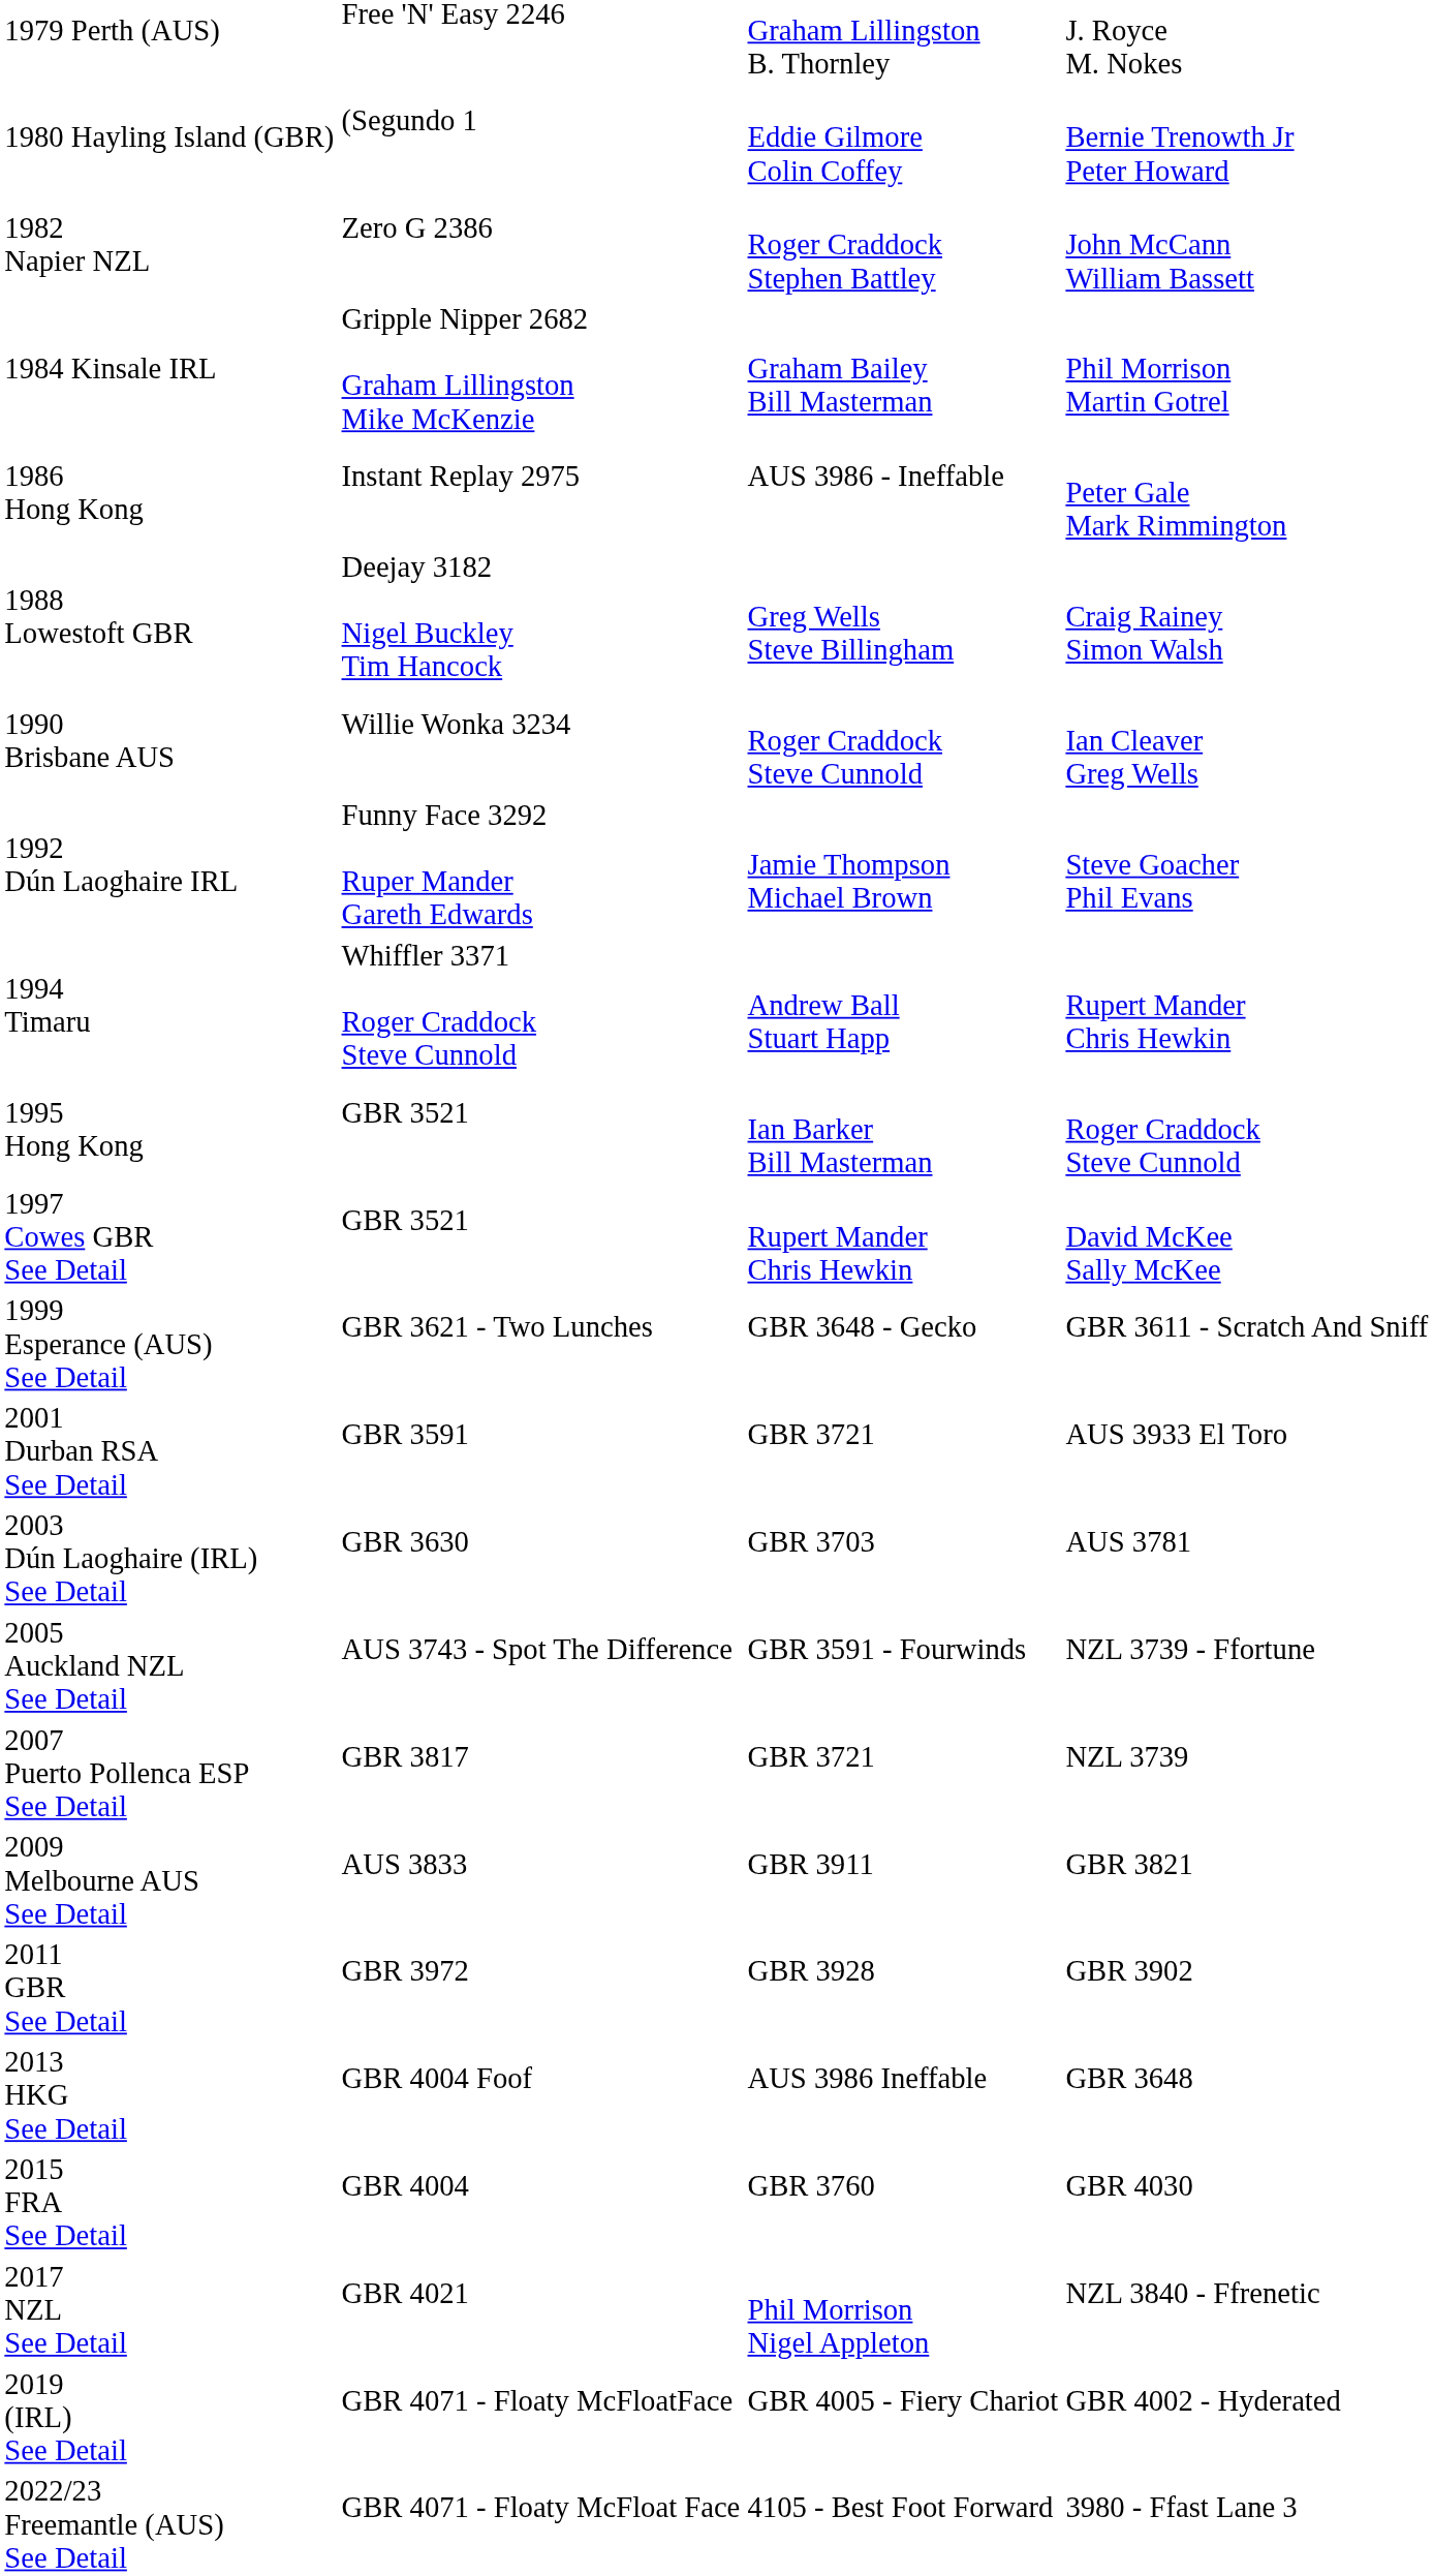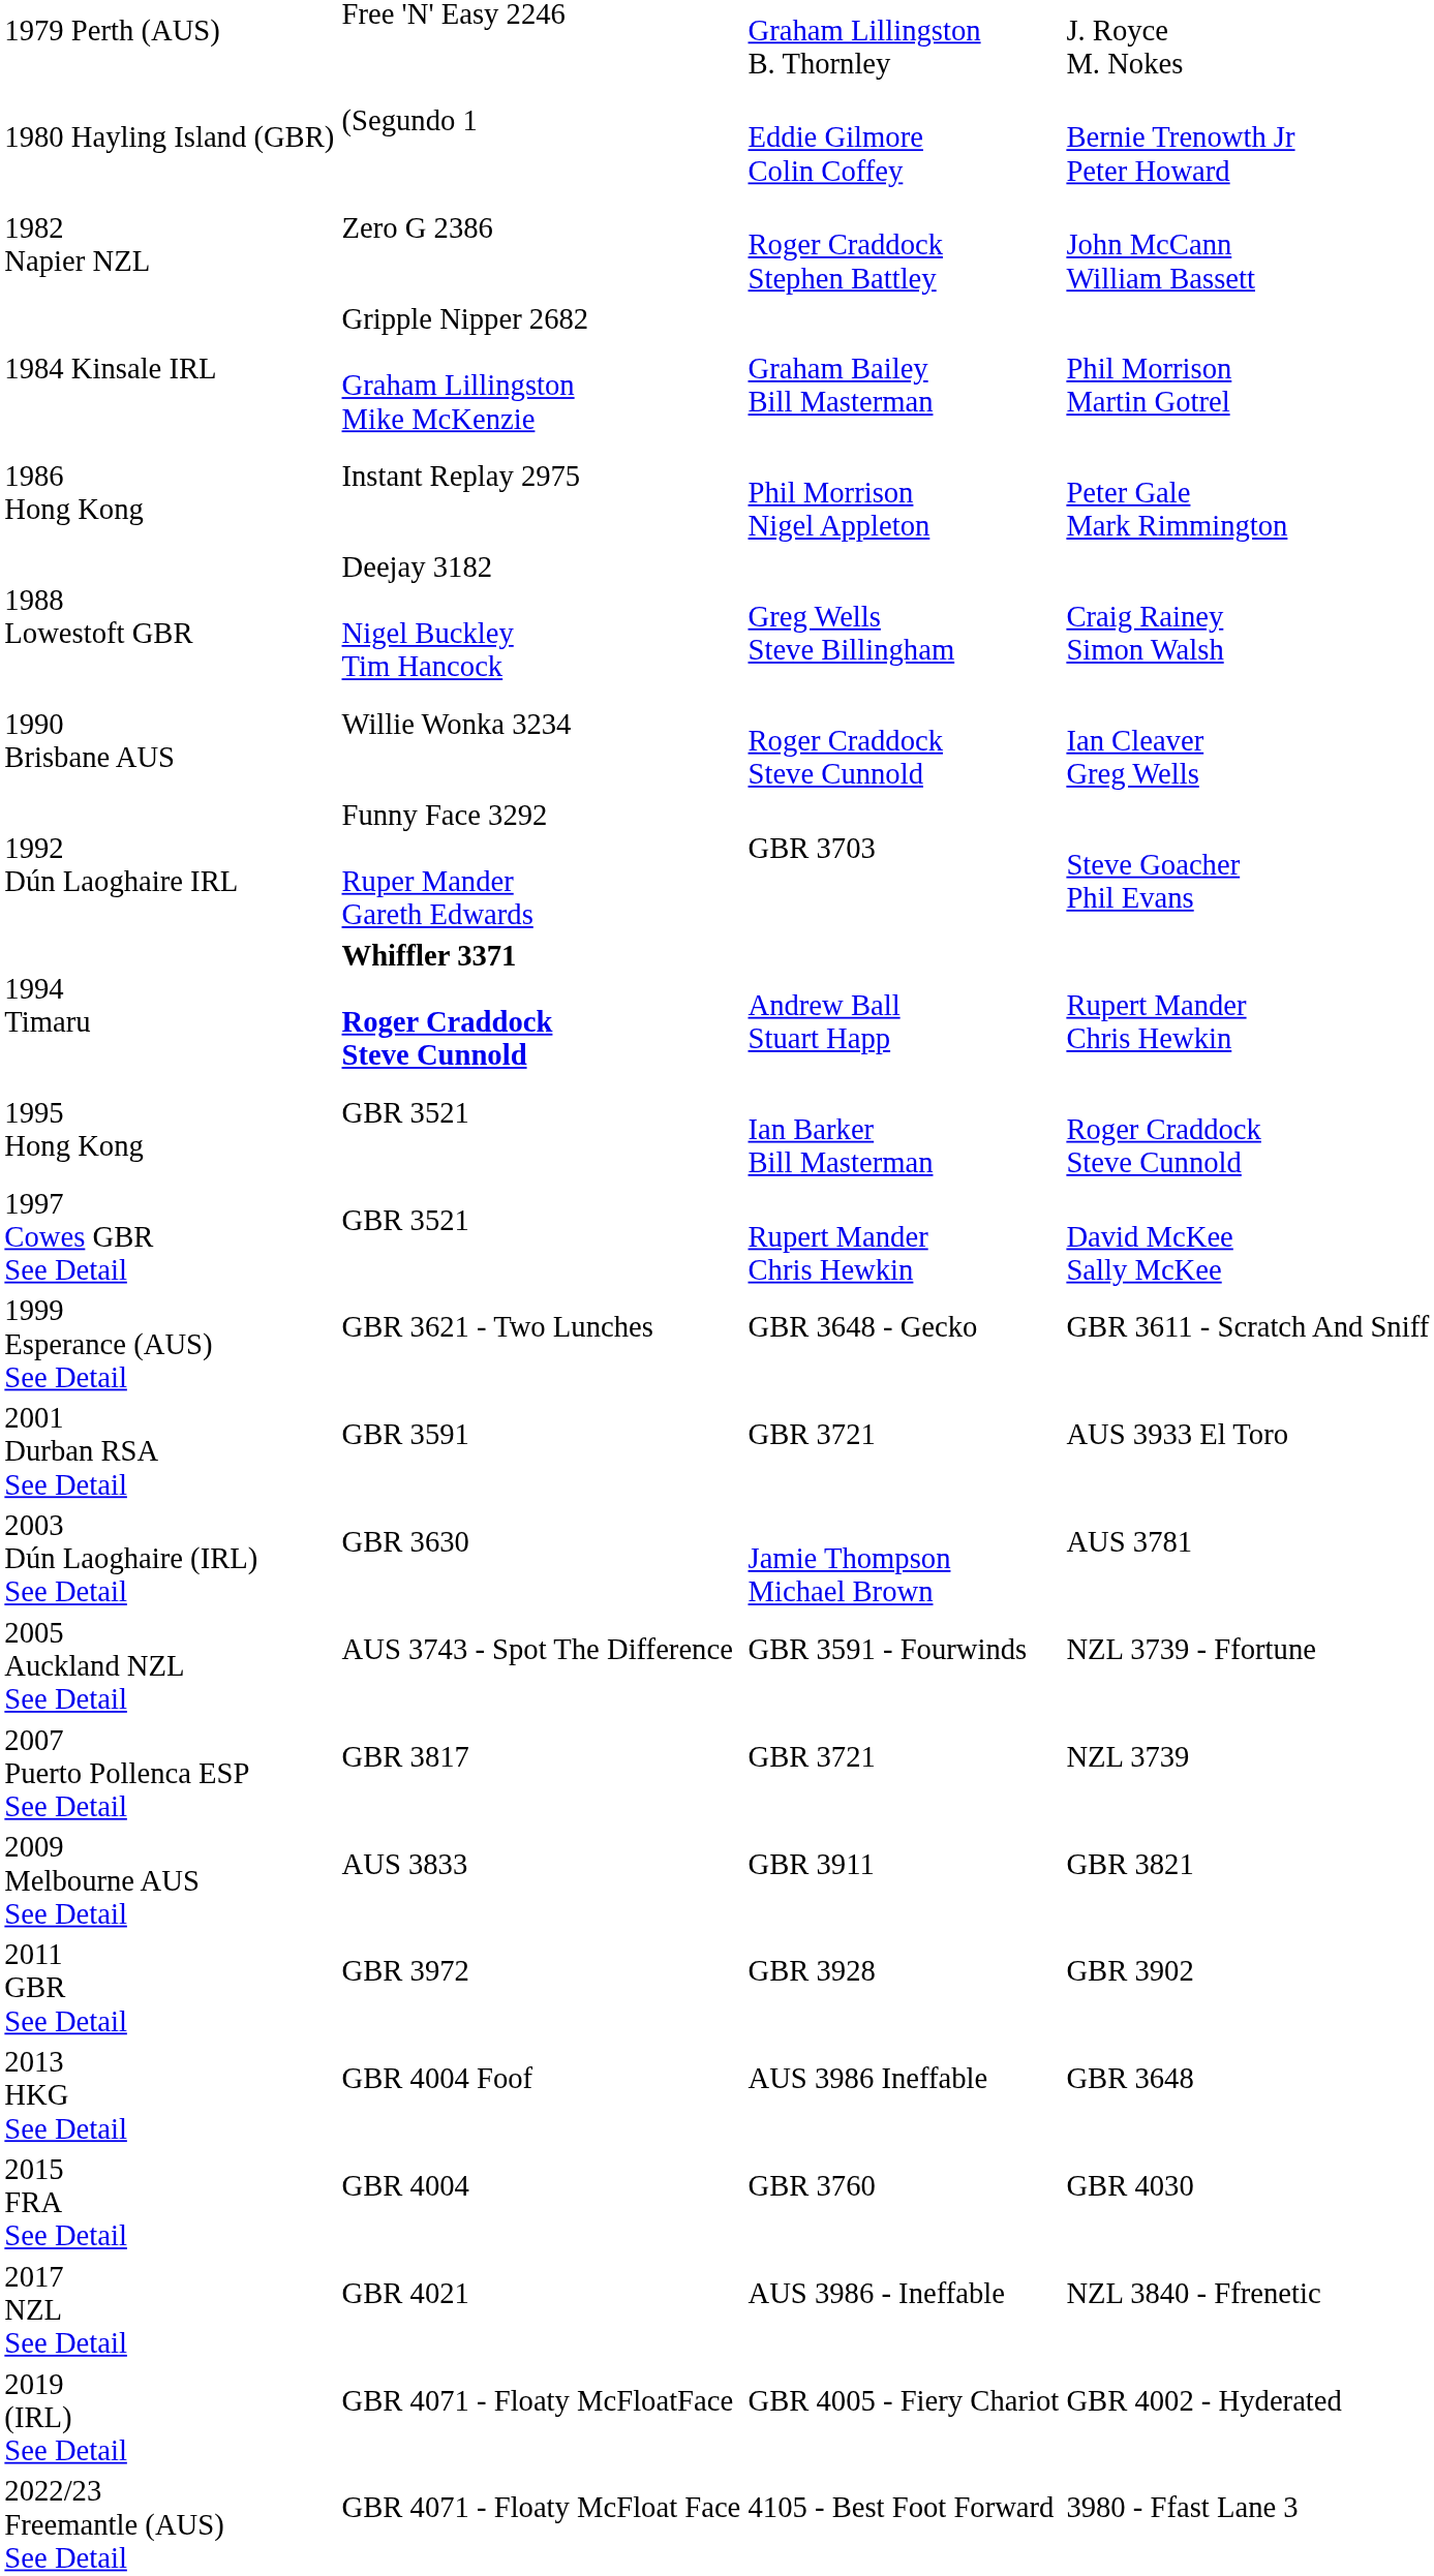 <table>
 <tr>
 <td>1979 Perth (AUS)</td>
 <td>Free 'N' Easy 2246 <br><br></td>
 <td><br><a href='#'>Graham Lillingston</a><br>B. Thornley</td>
 <td><br>J. Royce<br>M. Nokes</td>
 <td></td>
 </tr>
 <tr>
 <td>1980 Hayling Island (GBR)</td>
 <td>(Segundo 1<br><br></td>
 <td><br><a href='#'>Eddie Gilmore</a><br><a href='#'>Colin Coffey</a></td>
 <td><br><a href='#'>Bernie Trenowth Jr</a><br><a href='#'>Peter Howard</a></td>
 <td></td>
 </tr>
 <tr>
 <td>1982<br>Napier NZL</td>
 <td>Zero G 2386<br><br></td>
 <td><br><a href='#'>Roger Craddock</a><br><a href='#'>Stephen Battley</a></td>
 <td><br><a href='#'>John McCann</a><br><a href='#'>William Bassett</a></td>
 <td></td>
 </tr>
 <tr>
 <td>1984 Kinsale IRL</td>
 <td>Gripple Nipper 2682<br><br><a href='#'>Graham Lillingston</a><br><a href='#'>Mike McKenzie</a></td>
 <td><br><a href='#'>Graham Bailey</a><br><a href='#'>Bill Masterman</a></td>
 <td><br><a href='#'>Phil Morrison</a><br><a href='#'>Martin Gotrel</a></td>
 <td></td>
 </tr>
 <tr>
 <td>1986<br>Hong Kong</td>
 <td>Instant Replay 2975 <br><br></td>
-<td>AUS 3986 - Ineffable<br><br></td>
+<td><br><a href='#'>Phil Morrison</a><br><a href='#'>Nigel Appleton</a></td>
 <td><br><a href='#'>Peter Gale</a><br><a href='#'>Mark Rimmington</a></td>
 <td></td>
 </tr>
 <tr>
 <td>1988<br>Lowestoft GBR</td>
 <td>Deejay 3182 <br><br><a href='#'>Nigel Buckley</a><br><a href='#'>Tim Hancock</a></td>
 <td><br><a href='#'>Greg Wells</a><br><a href='#'>Steve Billingham</a></td>
 <td><br><a href='#'>Craig Rainey</a><br><a href='#'>Simon Walsh</a></td>
 <td></td>
 </tr>
 <tr>
 <td>1990<br>Brisbane AUS</td>
 <td>Willie Wonka 3234 <br> <br></td>
 <td><br><a href='#'>Roger Craddock</a><br><a href='#'>Steve Cunnold</a></td>
 <td><br><a href='#'>Ian Cleaver</a><br><a href='#'>Greg Wells</a></td>
 <td></td>
 </tr>
 <tr>
 <td>1992<br>Dún Laoghaire IRL</td>
 <td>Funny Face 3292 <br> <br><a href='#'>Ruper Mander</a><br><a href='#'>Gareth Edwards</a></td>
-<td><br><a href='#'>Jamie Thompson</a><br><a href='#'>Michael Brown</a></td>
+<td>GBR 3703<br><br></td>
 <td><br><a href='#'>Steve Goacher</a><br><a href='#'>Phil Evans</a></td>
 <td></td>
 </tr>
 <tr>
 <td>1994<br>Timaru</td>
-<td>Whiffler 3371<br><br><a href='#'>Roger Craddock</a><br><a href='#'>Steve Cunnold</a></td>
+<td><strong>Whiffler 3371<br><br><a href='#'>Roger Craddock</a><br><a href='#'>Steve Cunnold</a></strong></td>
 <td><br><a href='#'>Andrew Ball</a><br><a href='#'>Stuart Happ</a></td>
 <td><br><a href='#'>Rupert Mander</a><br><a href='#'>Chris Hewkin</a></td>
 <td></td>
 </tr>
 <tr>
 <td>1995<br>Hong Kong</td>
 <td>GBR 3521<br><br></td>
 <td><br><a href='#'>Ian Barker</a><br><a href='#'>Bill Masterman</a></td>
 <td><br><a href='#'>Roger Craddock</a><br><a href='#'>Steve Cunnold</a></td>
 <td></td>
 </tr>
 <tr>
 <td>1997<br><a href='#'>Cowes</a> GBR<br><a href='#'>See Detail</a></td>
 <td>GBR 3521<br><br></td>
 <td><br><a href='#'>Rupert Mander</a><br><a href='#'>Chris Hewkin</a></td>
 <td><br><a href='#'>David McKee</a><br><a href='#'>Sally McKee</a></td>
 <td></td>
 </tr>
 <tr>
 <td>1999<br>Esperance (AUS)<br><a href='#'>See Detail</a></td>
 <td>GBR 3621 - Two Lunches<br><br></td>
 <td>GBR 3648 - Gecko<br><br></td>
 <td>GBR 3611 - Scratch And Sniff<br><br></td>
 <td></td>
 </tr>
 <tr>
 <td>2001<br>Durban RSA<br><a href='#'>See Detail</a></td>
 <td>GBR 3591<br><br></td>
 <td>GBR 3721<br><br></td>
 <td>AUS 3933 El Toro <br> <br></td>
 <td></td>
 </tr>
 <tr>
 <td>2003<br>Dún Laoghaire (IRL)<br><a href='#'>See Detail</a></td>
 <td>GBR 3630 <br> <br></td>
-<td>GBR 3703<br><br></td>
+<td><br><a href='#'>Jamie Thompson</a><br><a href='#'>Michael Brown</a></td>
 <td>AUS 3781<br><br></td>
 <td></td>
 </tr>
 <tr>
 <td>2005<br>Auckland NZL<br><a href='#'>See Detail</a></td>
 <td>AUS 3743 - Spot The Difference<br><br></td>
 <td>GBR 3591 - Fourwinds<br><br></td>
 <td>NZL 3739 - Ffortune<br><br></td>
 <td></td>
 </tr>
 <tr>
 <td>2007<br>Puerto Pollenca ESP<br><a href='#'>See Detail</a></td>
 <td>GBR 3817 <br> <br></td>
 <td>GBR 3721 <br> <br></td>
 <td>NZL 3739 <br> <br></td>
 <td></td>
 </tr>
 <tr>
 <td>2009<br>Melbourne AUS<br><a href='#'>See Detail</a></td>
 <td>AUS 3833 <br> <br></td>
 <td>GBR 3911 <br> <br></td>
 <td>GBR 3821 <br> <br></td>
 <td></td>
 </tr>
 <tr>
 <td>2011<br>GBR<br><a href='#'>See Detail</a></td>
 <td>GBR 3972 <br> <br></td>
 <td>GBR 3928 <br> <br></td>
 <td>GBR 3902 <br> <br></td>
 <td></td>
 </tr>
 <tr>
 <td>2013<br>HKG<br><a href='#'>See Detail</a></td>
 <td>GBR 4004 Foof <br> <br></td>
 <td>AUS 3986 Ineffable <br> <br></td>
 <td>GBR 3648<br><br></td>
 <td></td>
 </tr>
 <tr>
 <td>2015<br>FRA<br><a href='#'>See Detail</a></td>
 <td>GBR 4004 <br> <br></td>
 <td>GBR 3760 <br> <br></td>
 <td>GBR 4030 <br> <br></td>
 <td></td>
 </tr>
 <tr>
 <td>2017<br>NZL<br><a href='#'>See Detail</a></td>
 <td>GBR 4021<br><br></td>
-<td><br><a href='#'>Phil Morrison</a><br><a href='#'>Nigel Appleton</a></td>
+<td>AUS 3986 - Ineffable<br><br></td>
 <td>NZL 3840 - Ffrenetic<br><br></td>
 <td></td>
 </tr>
 <tr>
 <td>2019<br>(IRL)<br><a href='#'>See Detail</a></td>
 <td>GBR 4071 - Floaty McFloatFace<br> <br></td>
 <td>GBR 4005 - Fiery Chariot <br> <br></td>
 <td>GBR 4002 - Hyderated <br> <br></td>
 <td></td>
 </tr>
 <tr>
 <td>2022/23<br>Freemantle (AUS)<br><a href='#'>See Detail</a></td>
 <td>GBR 4071 - Floaty McFloat Face<br> <br></td>
 <td>4105 - Best Foot Forward<br><br></td>
 <td>3980 - Ffast Lane 3<br><br></td>
 <td></td>
 </tr>
 </table>
